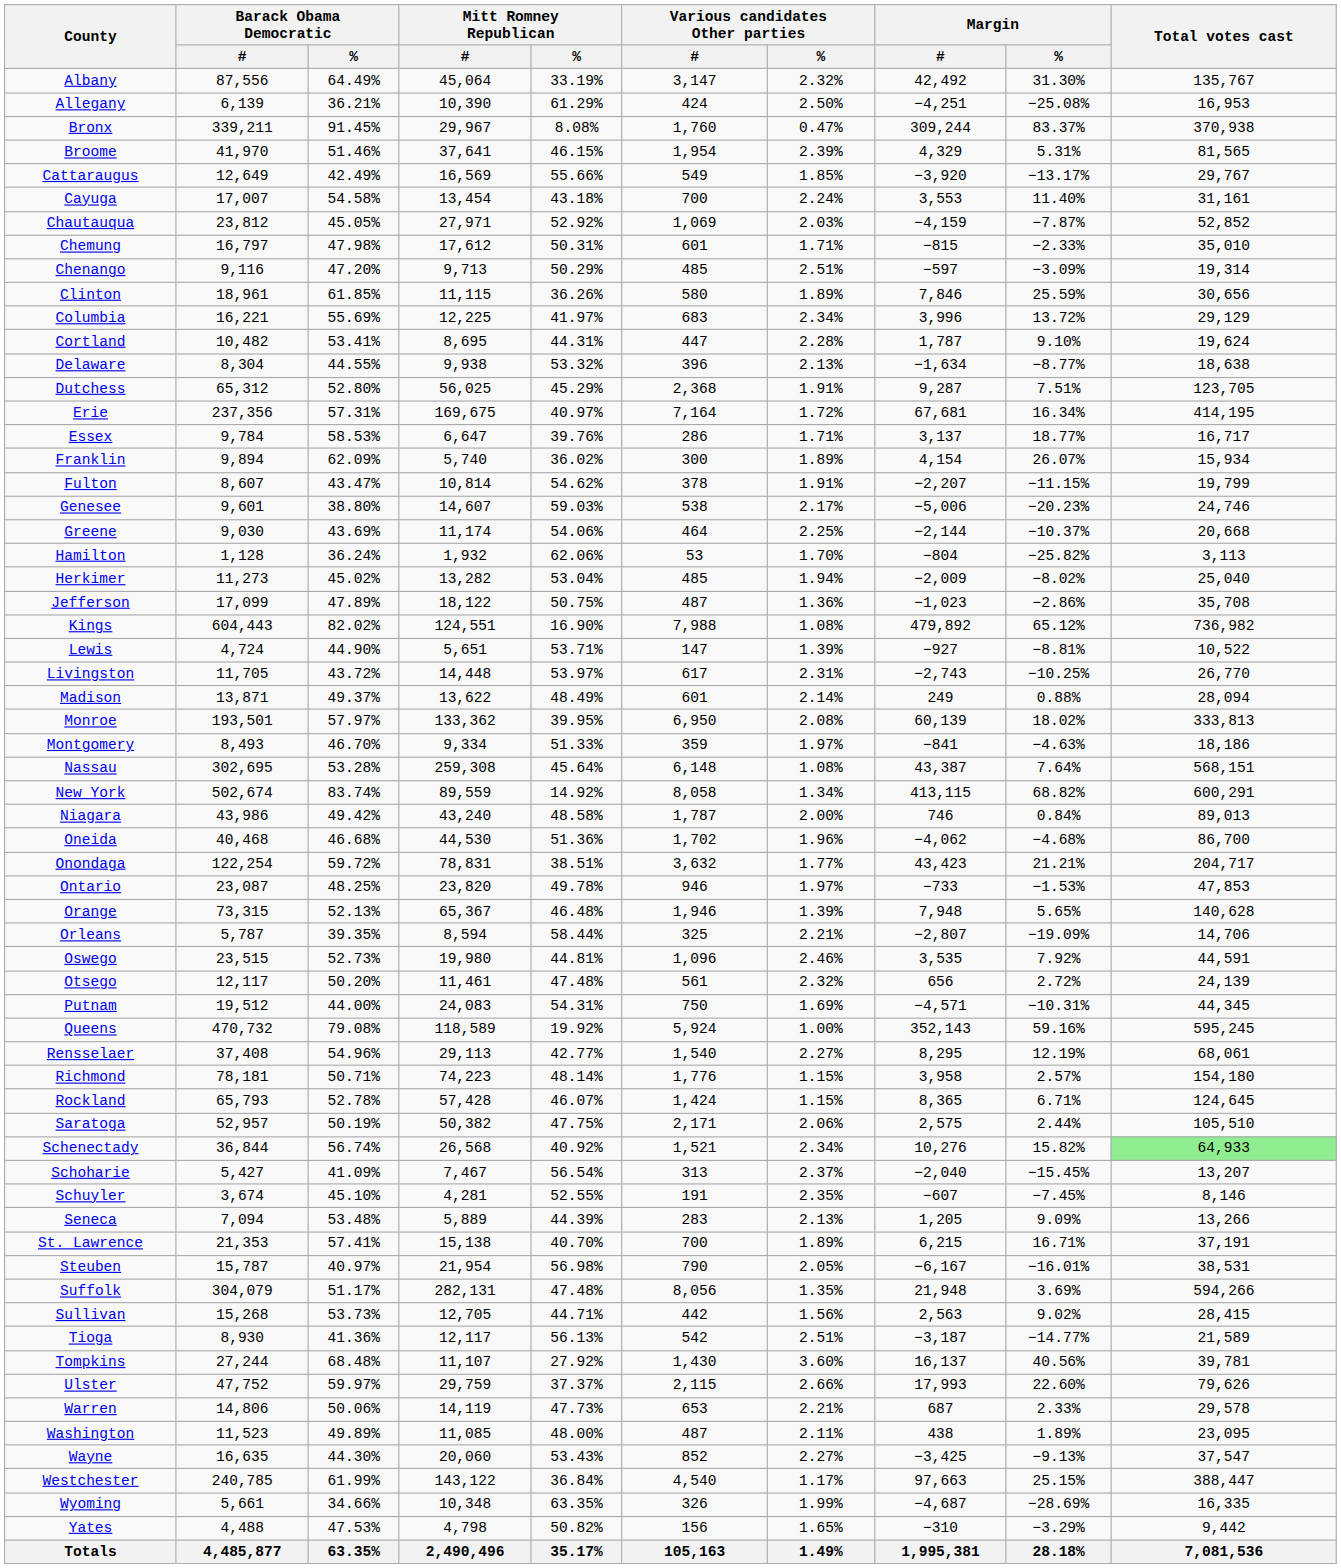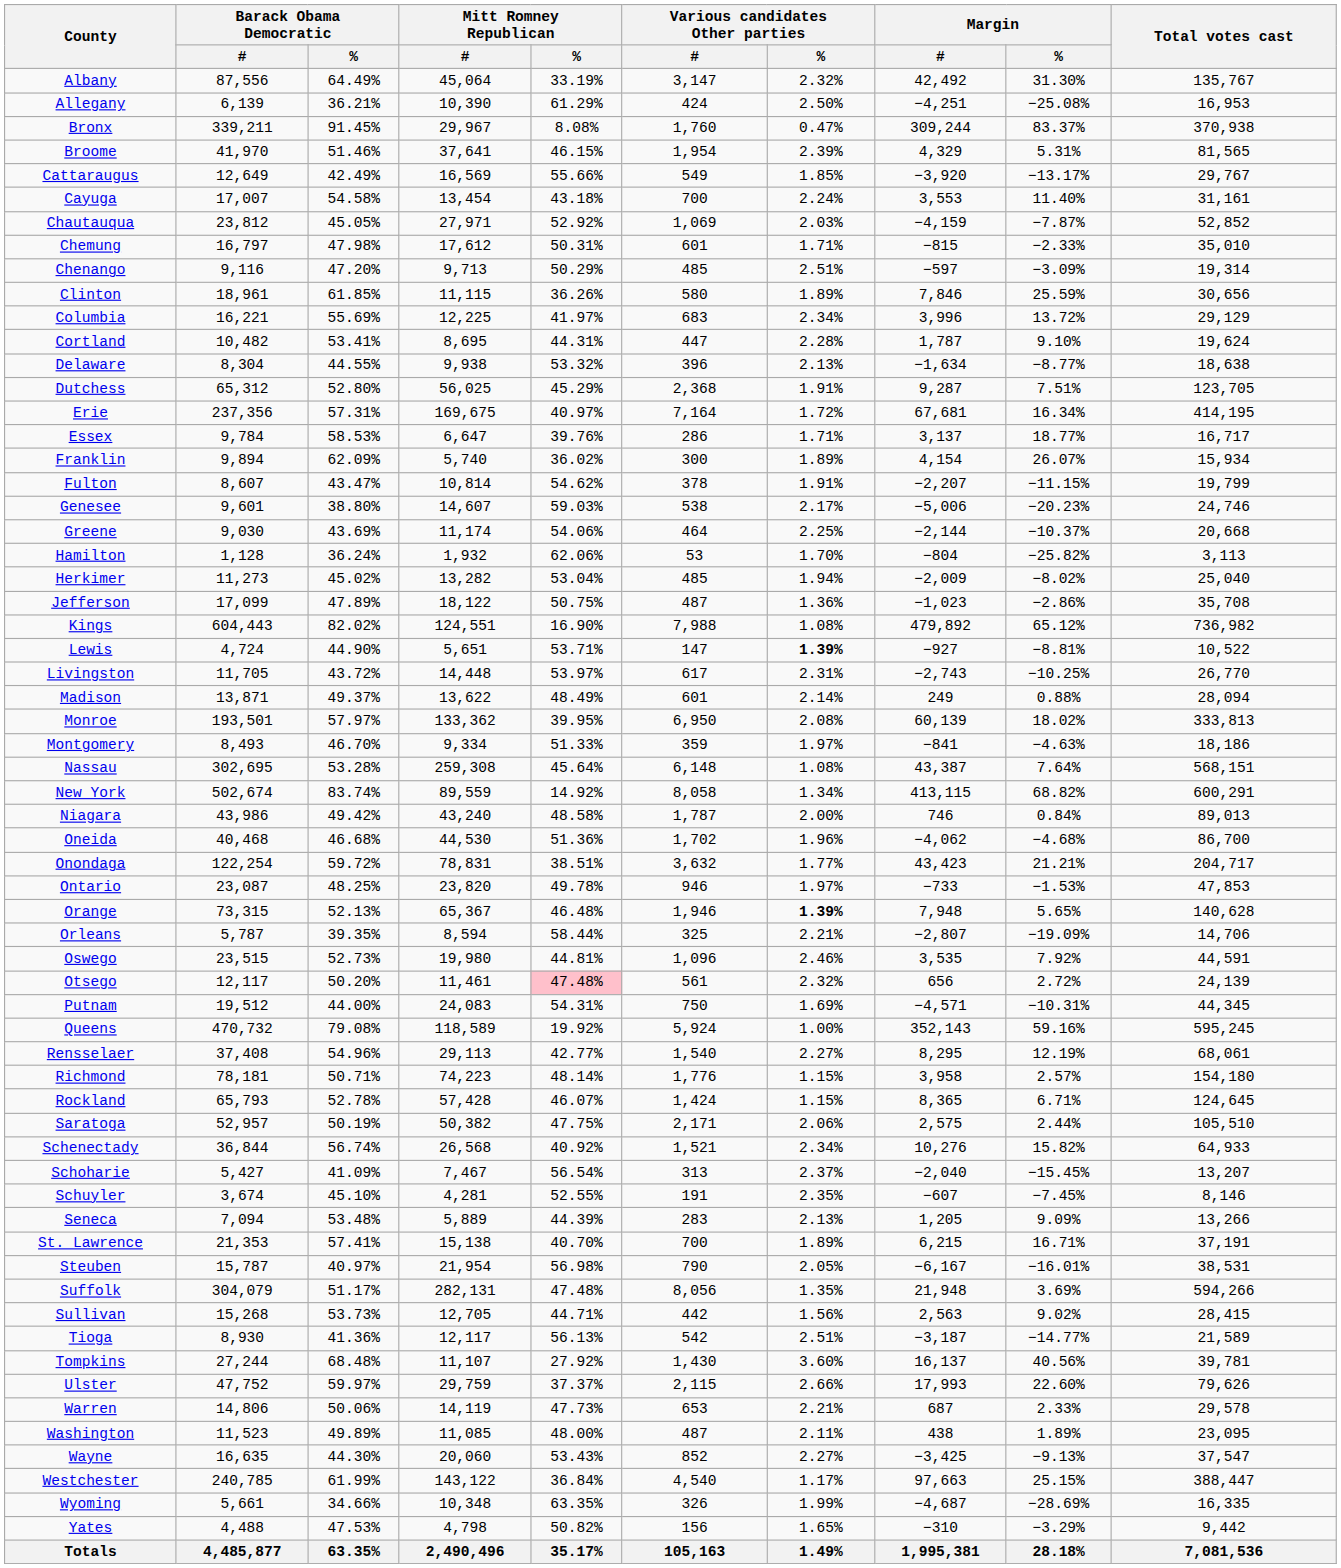 <table width="60%" class="wikitable sortable" style="text-align:center">
 <tr>
 <th style="text-align:center;" rowspan="2">County</th>
 <th style="text-align:center;" colspan="2">Barack Obama<br>Democratic</th>
 <th style="text-align:center;" colspan="2">Mitt Romney<br>Republican</th>
 <th style="text-align:center;" colspan="2">Various candidates<br>Other parties</th>
 <th style="text-align:center;" colspan="2">Margin</th>
 <th style="text-align:center;" rowspan="2">Total votes cast</th>
 </tr>
 <tr>
 <th style="text-align:center;" data-sort-type="number">#</th>
 <th style="text-align:center;" data-sort-type="number">%</th>
 <th style="text-align:center;" data-sort-type="number">#</th>
 <th style="text-align:center;" data-sort-type="number">%</th>
 <th style="text-align:center;" data-sort-type="number">#</th>
 <th style="text-align:center;" data-sort-type="number">%</th>
 <th style="text-align:center;" data-sort-type="number">#</th>
 <th style="text-align:center;" data-sort-type="number">%</th>
 </tr>
 <tr style="text-align:center;">
 <td><a href='#'>Albany</a></td>
 <td>87,556</td>
 <td>64.49%</td>
 <td>45,064</td>
 <td>33.19%</td>
 <td>3,147</td>
 <td>2.32%</td>
 <td>42,492</td>
 <td>31.30%</td>
 <td>135,767</td>
 </tr>
 <tr style="text-align:center;">
 <td><a href='#'>Allegany</a></td>
 <td>6,139</td>
 <td>36.21%</td>
 <td>10,390</td>
 <td>61.29%</td>
 <td>424</td>
 <td>2.50%</td>
 <td>−4,251</td>
 <td>−25.08%</td>
 <td>16,953</td>
 </tr>
 <tr style="text-align:center;">
 <td><a href='#'>Bronx</a></td>
 <td>339,211</td>
 <td>91.45%</td>
 <td>29,967</td>
 <td>8.08%</td>
 <td>1,760</td>
 <td>0.47%</td>
 <td>309,244</td>
 <td>83.37%</td>
 <td>370,938</td>
 </tr>
 <tr style="text-align:center;">
 <td><a href='#'>Broome</a></td>
 <td>41,970</td>
 <td>51.46%</td>
 <td>37,641</td>
 <td>46.15%</td>
 <td>1,954</td>
 <td>2.39%</td>
 <td>4,329</td>
 <td>5.31%</td>
 <td>81,565</td>
 </tr>
 <tr style="text-align:center;">
 <td><a href='#'>Cattaraugus</a></td>
 <td>12,649</td>
 <td>42.49%</td>
 <td>16,569</td>
 <td>55.66%</td>
 <td>549</td>
 <td>1.85%</td>
 <td>−3,920</td>
 <td>−13.17%</td>
 <td>29,767</td>
 </tr>
 <tr style="text-align:center;">
 <td><a href='#'>Cayuga</a></td>
 <td>17,007</td>
 <td>54.58%</td>
 <td>13,454</td>
 <td>43.18%</td>
 <td>700</td>
 <td>2.24%</td>
 <td>3,553</td>
 <td>11.40%</td>
 <td>31,161</td>
 </tr>
 <tr style="text-align:center;">
 <td><a href='#'>Chautauqua</a></td>
 <td>23,812</td>
 <td>45.05%</td>
 <td>27,971</td>
 <td>52.92%</td>
 <td>1,069</td>
 <td>2.03%</td>
 <td>−4,159</td>
 <td>−7.87%</td>
 <td>52,852</td>
 </tr>
 <tr style="text-align:center;">
 <td><a href='#'>Chemung</a></td>
 <td>16,797</td>
 <td>47.98%</td>
 <td>17,612</td>
 <td>50.31%</td>
 <td>601</td>
 <td>1.71%</td>
 <td>−815</td>
 <td>−2.33%</td>
 <td>35,010</td>
 </tr>
 <tr style="text-align:center;">
 <td><a href='#'>Chenango</a></td>
 <td>9,116</td>
 <td>47.20%</td>
 <td>9,713</td>
 <td>50.29%</td>
 <td>485</td>
 <td>2.51%</td>
 <td>−597</td>
 <td>−3.09%</td>
 <td>19,314</td>
 </tr>
 <tr style="text-align:center;">
 <td><a href='#'>Clinton</a></td>
 <td>18,961</td>
 <td>61.85%</td>
 <td>11,115</td>
 <td>36.26%</td>
 <td>580</td>
 <td>1.89%</td>
 <td>7,846</td>
 <td>25.59%</td>
 <td>30,656</td>
 </tr>
 <tr style="text-align:center;">
 <td><a href='#'>Columbia</a></td>
 <td>16,221</td>
 <td>55.69%</td>
 <td>12,225</td>
 <td>41.97%</td>
 <td>683</td>
 <td>2.34%</td>
 <td>3,996</td>
 <td>13.72%</td>
 <td>29,129</td>
 </tr>
 <tr style="text-align:center;">
 <td><a href='#'>Cortland</a></td>
 <td>10,482</td>
 <td>53.41%</td>
 <td>8,695</td>
 <td>44.31%</td>
 <td>447</td>
 <td>2.28%</td>
 <td>1,787</td>
 <td>9.10%</td>
 <td>19,624</td>
 </tr>
 <tr style="text-align:center;">
 <td><a href='#'>Delaware</a></td>
 <td>8,304</td>
 <td>44.55%</td>
 <td>9,938</td>
 <td>53.32%</td>
 <td>396</td>
 <td>2.13%</td>
 <td>−1,634</td>
 <td>−8.77%</td>
 <td>18,638</td>
 </tr>
 <tr style="text-align:center;">
 <td><a href='#'>Dutchess</a></td>
 <td>65,312</td>
 <td>52.80%</td>
 <td>56,025</td>
 <td>45.29%</td>
 <td>2,368</td>
 <td>1.91%</td>
 <td>9,287</td>
 <td>7.51%</td>
 <td>123,705</td>
 </tr>
 <tr style="text-align:center;">
 <td><a href='#'>Erie</a></td>
 <td>237,356</td>
 <td>57.31%</td>
 <td>169,675</td>
 <td>40.97%</td>
 <td>7,164</td>
 <td>1.72%</td>
 <td>67,681</td>
 <td>16.34%</td>
 <td>414,195</td>
 </tr>
 <tr style="text-align:center;">
 <td><a href='#'>Essex</a></td>
 <td>9,784</td>
 <td>58.53%</td>
 <td>6,647</td>
 <td>39.76%</td>
 <td>286</td>
 <td>1.71%</td>
 <td>3,137</td>
 <td>18.77%</td>
 <td>16,717</td>
 </tr>
 <tr style="text-align:center;">
 <td><a href='#'>Franklin</a></td>
 <td>9,894</td>
 <td>62.09%</td>
 <td>5,740</td>
 <td>36.02%</td>
 <td>300</td>
 <td>1.89%</td>
 <td>4,154</td>
 <td>26.07%</td>
 <td>15,934</td>
 </tr>
 <tr style="text-align:center;">
 <td><a href='#'>Fulton</a></td>
 <td>8,607</td>
 <td>43.47%</td>
 <td>10,814</td>
 <td>54.62%</td>
 <td>378</td>
 <td>1.91%</td>
 <td>−2,207</td>
 <td>−11.15%</td>
 <td>19,799</td>
 </tr>
 <tr style="text-align:center;">
 <td><a href='#'>Genesee</a></td>
 <td>9,601</td>
 <td>38.80%</td>
 <td>14,607</td>
 <td>59.03%</td>
 <td>538</td>
 <td>2.17%</td>
 <td>−5,006</td>
 <td>−20.23%</td>
 <td>24,746</td>
 </tr>
 <tr style="text-align:center;">
 <td><a href='#'>Greene</a></td>
 <td>9,030</td>
 <td>43.69%</td>
 <td>11,174</td>
 <td>54.06%</td>
 <td>464</td>
 <td>2.25%</td>
 <td>−2,144</td>
 <td>−10.37%</td>
 <td>20,668</td>
 </tr>
 <tr style="text-align:center;">
 <td><a href='#'>Hamilton</a></td>
 <td>1,128</td>
 <td>36.24%</td>
 <td>1,932</td>
 <td>62.06%</td>
 <td>53</td>
 <td>1.70%</td>
 <td>−804</td>
 <td>−25.82%</td>
 <td>3,113</td>
 </tr>
 <tr style="text-align:center;">
 <td><a href='#'>Herkimer</a></td>
 <td>11,273</td>
 <td>45.02%</td>
 <td>13,282</td>
 <td>53.04%</td>
 <td>485</td>
 <td>1.94%</td>
 <td>−2,009</td>
 <td>−8.02%</td>
 <td>25,040</td>
 </tr>
 <tr style="text-align:center;">
 <td><a href='#'>Jefferson</a></td>
 <td>17,099</td>
 <td>47.89%</td>
 <td>18,122</td>
 <td>50.75%</td>
 <td>487</td>
 <td>1.36%</td>
 <td>−1,023</td>
 <td>−2.86%</td>
 <td>35,708</td>
 </tr>
 <tr style="text-align:center;">
 <td><a href='#'>Kings</a></td>
 <td>604,443</td>
 <td>82.02%</td>
 <td>124,551</td>
 <td>16.90%</td>
 <td>7,988</td>
 <td>1.08%</td>
 <td>479,892</td>
 <td>65.12%</td>
 <td>736,982</td>
 </tr>
 <tr style="text-align:center;">
 <td><a href='#'>Lewis</a></td>
 <td>4,724</td>
 <td>44.90%</td>
 <td>5,651</td>
 <td>53.71%</td>
 <td>147</td>
-<td>1.39%</td>
+<td><strong>1.39%</strong></td>
 <td>−927</td>
 <td>−8.81%</td>
 <td>10,522</td>
 </tr>
 <tr style="text-align:center;">
 <td><a href='#'>Livingston</a></td>
 <td>11,705</td>
 <td>43.72%</td>
 <td>14,448</td>
 <td>53.97%</td>
 <td>617</td>
 <td>2.31%</td>
 <td>−2,743</td>
 <td>−10.25%</td>
 <td>26,770</td>
 </tr>
 <tr style="text-align:center;">
 <td><a href='#'>Madison</a></td>
 <td>13,871</td>
 <td>49.37%</td>
 <td>13,622</td>
 <td>48.49%</td>
 <td>601</td>
 <td>2.14%</td>
 <td>249</td>
 <td>0.88%</td>
 <td>28,094</td>
 </tr>
 <tr style="text-align:center;">
 <td><a href='#'>Monroe</a></td>
 <td>193,501</td>
 <td>57.97%</td>
 <td>133,362</td>
 <td>39.95%</td>
 <td>6,950</td>
 <td>2.08%</td>
 <td>60,139</td>
 <td>18.02%</td>
 <td>333,813</td>
 </tr>
 <tr style="text-align:center;">
 <td><a href='#'>Montgomery</a></td>
 <td>8,493</td>
 <td>46.70%</td>
 <td>9,334</td>
 <td>51.33%</td>
 <td>359</td>
 <td>1.97%</td>
 <td>−841</td>
 <td>−4.63%</td>
 <td>18,186</td>
 </tr>
 <tr style="text-align:center;">
 <td><a href='#'>Nassau</a></td>
 <td>302,695</td>
 <td>53.28%</td>
 <td>259,308</td>
 <td>45.64%</td>
 <td>6,148</td>
 <td>1.08%</td>
 <td>43,387</td>
 <td>7.64%</td>
 <td>568,151</td>
 </tr>
 <tr style="text-align:center;">
 <td><a href='#'>New York</a></td>
 <td>502,674</td>
 <td>83.74%</td>
 <td>89,559</td>
 <td>14.92%</td>
 <td>8,058</td>
 <td>1.34%</td>
 <td>413,115</td>
 <td>68.82%</td>
 <td>600,291</td>
 </tr>
 <tr style="text-align:center;">
 <td><a href='#'>Niagara</a></td>
 <td>43,986</td>
 <td>49.42%</td>
 <td>43,240</td>
 <td>48.58%</td>
 <td>1,787</td>
 <td>2.00%</td>
 <td>746</td>
 <td>0.84%</td>
 <td>89,013</td>
 </tr>
 <tr style="text-align:center;">
 <td><a href='#'>Oneida</a></td>
 <td>40,468</td>
 <td>46.68%</td>
 <td>44,530</td>
 <td>51.36%</td>
 <td>1,702</td>
 <td>1.96%</td>
 <td>−4,062</td>
 <td>−4.68%</td>
 <td>86,700</td>
 </tr>
 <tr style="text-align:center;">
 <td><a href='#'>Onondaga</a></td>
 <td>122,254</td>
 <td>59.72%</td>
 <td>78,831</td>
 <td>38.51%</td>
 <td>3,632</td>
 <td>1.77%</td>
 <td>43,423</td>
 <td>21.21%</td>
 <td>204,717</td>
 </tr>
 <tr style="text-align:center;">
 <td><a href='#'>Ontario</a></td>
 <td>23,087</td>
 <td>48.25%</td>
 <td>23,820</td>
 <td>49.78%</td>
 <td>946</td>
 <td>1.97%</td>
 <td>−733</td>
 <td>−1.53%</td>
 <td>47,853</td>
 </tr>
 <tr style="text-align:center;">
 <td><a href='#'>Orange</a></td>
 <td>73,315</td>
 <td>52.13%</td>
 <td>65,367</td>
 <td>46.48%</td>
 <td>1,946</td>
-<td>1.39%</td>
+<td><strong>1.39%</strong></td>
 <td>7,948</td>
 <td>5.65%</td>
 <td>140,628</td>
 </tr>
 <tr style="text-align:center;">
 <td><a href='#'>Orleans</a></td>
 <td>5,787</td>
 <td>39.35%</td>
 <td>8,594</td>
 <td>58.44%</td>
 <td>325</td>
 <td>2.21%</td>
 <td>−2,807</td>
 <td>−19.09%</td>
 <td>14,706</td>
 </tr>
 <tr style="text-align:center;">
 <td><a href='#'>Oswego</a></td>
 <td>23,515</td>
 <td>52.73%</td>
 <td>19,980</td>
 <td>44.81%</td>
 <td>1,096</td>
 <td>2.46%</td>
 <td>3,535</td>
 <td>7.92%</td>
 <td>44,591</td>
 </tr>
 <tr style="text-align:center;">
 <td><a href='#'>Otsego</a></td>
 <td>12,117</td>
 <td>50.20%</td>
 <td>11,461</td>
-<td>47.48%</td>
+<td style="background: pink;">47.48%</td>
 <td>561</td>
 <td>2.32%</td>
 <td>656</td>
 <td>2.72%</td>
 <td>24,139</td>
 </tr>
 <tr style="text-align:center;">
 <td><a href='#'>Putnam</a></td>
 <td>19,512</td>
 <td>44.00%</td>
 <td>24,083</td>
 <td>54.31%</td>
 <td>750</td>
 <td>1.69%</td>
 <td>−4,571</td>
 <td>−10.31%</td>
 <td>44,345</td>
 </tr>
 <tr style="text-align:center;">
 <td><a href='#'>Queens</a></td>
 <td>470,732</td>
 <td>79.08%</td>
 <td>118,589</td>
 <td>19.92%</td>
 <td>5,924</td>
 <td>1.00%</td>
 <td>352,143</td>
 <td>59.16%</td>
 <td>595,245</td>
 </tr>
 <tr style="text-align:center;">
 <td><a href='#'>Rensselaer</a></td>
 <td>37,408</td>
 <td>54.96%</td>
 <td>29,113</td>
 <td>42.77%</td>
 <td>1,540</td>
 <td>2.27%</td>
 <td>8,295</td>
 <td>12.19%</td>
 <td>68,061</td>
 </tr>
 <tr style="text-align:center;">
 <td><a href='#'>Richmond</a></td>
 <td>78,181</td>
 <td>50.71%</td>
 <td>74,223</td>
 <td>48.14%</td>
 <td>1,776</td>
 <td>1.15%</td>
 <td>3,958</td>
 <td>2.57%</td>
 <td>154,180</td>
 </tr>
 <tr style="text-align:center;">
 <td><a href='#'>Rockland</a></td>
 <td>65,793</td>
 <td>52.78%</td>
 <td>57,428</td>
 <td>46.07%</td>
 <td>1,424</td>
 <td>1.15%</td>
 <td>8,365</td>
 <td>6.71%</td>
 <td>124,645</td>
 </tr>
 <tr style="text-align:center;">
 <td><a href='#'>Saratoga</a></td>
 <td>52,957</td>
 <td>50.19%</td>
 <td>50,382</td>
 <td>47.75%</td>
 <td>2,171</td>
 <td>2.06%</td>
 <td>2,575</td>
 <td>2.44%</td>
 <td>105,510</td>
 </tr>
 <tr style="text-align:center;">
 <td><a href='#'>Schenectady</a></td>
 <td>36,844</td>
 <td>56.74%</td>
 <td>26,568</td>
 <td>40.92%</td>
 <td>1,521</td>
 <td>2.34%</td>
 <td>10,276</td>
 <td>15.82%</td>
-<td style="background: lightgreen;">64,933</td>
+<td>64,933</td>
 </tr>
 <tr style="text-align:center;">
 <td><a href='#'>Schoharie</a></td>
 <td>5,427</td>
 <td>41.09%</td>
 <td>7,467</td>
 <td>56.54%</td>
 <td>313</td>
 <td>2.37%</td>
 <td>−2,040</td>
 <td>−15.45%</td>
 <td>13,207</td>
 </tr>
 <tr style="text-align:center;">
 <td><a href='#'>Schuyler</a></td>
 <td>3,674</td>
 <td>45.10%</td>
 <td>4,281</td>
 <td>52.55%</td>
 <td>191</td>
 <td>2.35%</td>
 <td>−607</td>
 <td>−7.45%</td>
 <td>8,146</td>
 </tr>
 <tr style="text-align:center;">
 <td><a href='#'>Seneca</a></td>
 <td>7,094</td>
 <td>53.48%</td>
 <td>5,889</td>
 <td>44.39%</td>
 <td>283</td>
 <td>2.13%</td>
 <td>1,205</td>
 <td>9.09%</td>
 <td>13,266</td>
 </tr>
 <tr style="text-align:center;">
 <td><a href='#'>St. Lawrence</a></td>
 <td>21,353</td>
 <td>57.41%</td>
 <td>15,138</td>
 <td>40.70%</td>
 <td>700</td>
 <td>1.89%</td>
 <td>6,215</td>
 <td>16.71%</td>
 <td>37,191</td>
 </tr>
 <tr style="text-align:center;">
 <td><a href='#'>Steuben</a></td>
 <td>15,787</td>
 <td>40.97%</td>
 <td>21,954</td>
 <td>56.98%</td>
 <td>790</td>
 <td>2.05%</td>
 <td>−6,167</td>
 <td>−16.01%</td>
 <td>38,531</td>
 </tr>
 <tr style="text-align:center;">
 <td><a href='#'>Suffolk</a></td>
 <td>304,079</td>
 <td>51.17%</td>
 <td>282,131</td>
 <td>47.48%</td>
 <td>8,056</td>
 <td>1.35%</td>
 <td>21,948</td>
 <td>3.69%</td>
 <td>594,266</td>
 </tr>
 <tr style="text-align:center;">
 <td><a href='#'>Sullivan</a></td>
 <td>15,268</td>
 <td>53.73%</td>
 <td>12,705</td>
 <td>44.71%</td>
 <td>442</td>
 <td>1.56%</td>
 <td>2,563</td>
 <td>9.02%</td>
 <td>28,415</td>
 </tr>
 <tr style="text-align:center;">
 <td><a href='#'>Tioga</a></td>
 <td>8,930</td>
 <td>41.36%</td>
 <td>12,117</td>
 <td>56.13%</td>
 <td>542</td>
 <td>2.51%</td>
 <td>−3,187</td>
 <td>−14.77%</td>
 <td>21,589</td>
 </tr>
 <tr style="text-align:center;">
 <td><a href='#'>Tompkins</a></td>
 <td>27,244</td>
 <td>68.48%</td>
 <td>11,107</td>
 <td>27.92%</td>
 <td>1,430</td>
 <td>3.60%</td>
 <td>16,137</td>
 <td>40.56%</td>
 <td>39,781</td>
 </tr>
 <tr style="text-align:center;">
 <td><a href='#'>Ulster</a></td>
 <td>47,752</td>
 <td>59.97%</td>
 <td>29,759</td>
 <td>37.37%</td>
 <td>2,115</td>
 <td>2.66%</td>
 <td>17,993</td>
 <td>22.60%</td>
 <td>79,626</td>
 </tr>
 <tr style="text-align:center;">
 <td><a href='#'>Warren</a></td>
 <td>14,806</td>
 <td>50.06%</td>
 <td>14,119</td>
 <td>47.73%</td>
 <td>653</td>
 <td>2.21%</td>
 <td>687</td>
 <td>2.33%</td>
 <td>29,578</td>
 </tr>
 <tr style="text-align:center;">
 <td><a href='#'>Washington</a></td>
 <td>11,523</td>
 <td>49.89%</td>
 <td>11,085</td>
 <td>48.00%</td>
 <td>487</td>
 <td>2.11%</td>
 <td>438</td>
 <td>1.89%</td>
 <td>23,095</td>
 </tr>
 <tr style="text-align:center;">
 <td><a href='#'>Wayne</a></td>
 <td>16,635</td>
 <td>44.30%</td>
 <td>20,060</td>
 <td>53.43%</td>
 <td>852</td>
 <td>2.27%</td>
 <td>−3,425</td>
 <td>−9.13%</td>
 <td>37,547</td>
 </tr>
 <tr style="text-align:center;">
 <td><a href='#'>Westchester</a></td>
 <td>240,785</td>
 <td>61.99%</td>
 <td>143,122</td>
 <td>36.84%</td>
 <td>4,540</td>
 <td>1.17%</td>
 <td>97,663</td>
 <td>25.15%</td>
 <td>388,447</td>
 </tr>
 <tr style="text-align:center;">
 <td><a href='#'>Wyoming</a></td>
 <td>5,661</td>
 <td>34.66%</td>
 <td>10,348</td>
 <td>63.35%</td>
 <td>326</td>
 <td>1.99%</td>
 <td>−4,687</td>
 <td>−28.69%</td>
 <td>16,335</td>
 </tr>
 <tr style="text-align:center;">
 <td><a href='#'>Yates</a></td>
 <td>4,488</td>
 <td>47.53%</td>
 <td>4,798</td>
 <td>50.82%</td>
 <td>156</td>
 <td>1.65%</td>
 <td>−310</td>
 <td>−3.29%</td>
 <td>9,442</td>
 </tr>
 <tr>
 <th>Totals</th>
 <th>4,485,877</th>
 <th>63.35%</th>
 <th>2,490,496</th>
 <th>35.17%</th>
 <th>105,163</th>
 <th>1.49%</th>
 <th>1,995,381</th>
 <th>28.18%</th>
 <th>7,081,536</th>
 </tr>
 </table>
